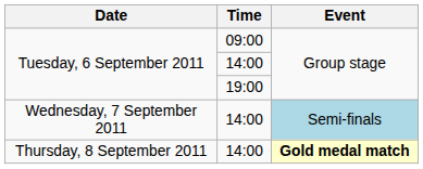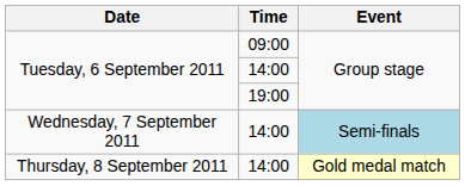 <table class = "wikitable" style="text-align:center;">
 <tr>
 <th width=220>Date</th>
 <th width=50>Time</th>
 <th width=150>Event</th>
 </tr>
 <tr>
 <td rowspan="3">Tuesday, 6 September 2011</td>
 <td>09:00</td>
 <td rowspan="3">Group stage</td>
 </tr>
 <tr>
 <td>14:00</td>
 </tr>
 <tr>
 <td>19:00</td>
 </tr>
 <tr>
 <td>Wednesday, 7 September 2011</td>
 <td>14:00</td>
 <td style="background: lightblue;">Semi-finals</td>
 </tr>
 <tr>
 <td>Thursday, 8 September 2011</td>
 <td>14:00</td>
-<td bgcolor="ffffcc"><strong>Gold medal match</strong></td>
+<td bgcolor="ffffcc">Gold medal match</td>
 </tr>
 </table>
